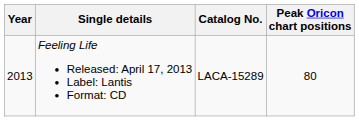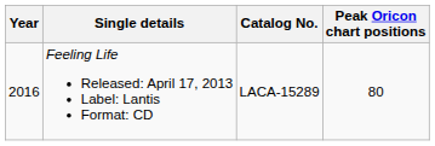 <table class="wikitable">
 <tr>
 <th>Year</th>
 <th>Single details</th>
 <th>Catalog No.</th>
 <th>Peak <a href='#'>Oricon</a><br> chart positions</th>
 </tr>
 <tr>
-<td>2013</td>
+<td>2016</td>
 <td align="left"><em>Feeling Life</em><br><ul><li>Released: April 17, 2013</li><li>Label: Lantis</li><li>Format: CD</li></ul></td>
 <td>LACA-15289</td>
 <td align="center">80</td>
 </tr>
 </table>
